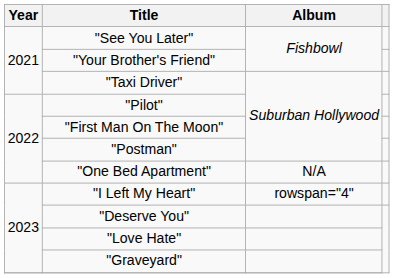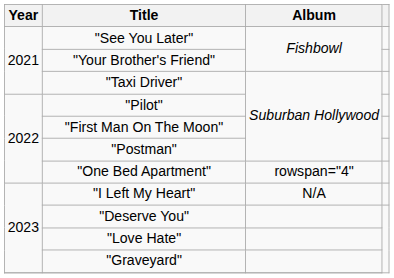 <table class="wikitable plainrowheaders" style="text-align:center;" border="1">
 <tr>
 <th style="width:1em;">Year</th>
 <th style="width:14em;">Title</th>
 <th>Album</th>
 <th></th>
 </tr>
 <tr>
 <td rowspan="3">2021</td>
 <td>"See You Later"</td>
 <td rowspan="2"><em>Fishbowl</em></td>
 <td></td>
 </tr>
 <tr>
 <td>"Your Brother's Friend"</td>
 <td></td>
 </tr>
 <tr>
 <td>"Taxi Driver"</td>
 <td rowspan="4"><em>Suburban Hollywood</em></td>
 <td></td>
 </tr>
 <tr>
 <td rowspan="4">2022</td>
 <td>"Pilot"</td>
 <td></td>
 </tr>
 <tr>
 <td>"First Man On The Moon"</td>
 <td></td>
 </tr>
 <tr>
 <td>"Postman"</td>
 <td></td>
 </tr>
 <tr>
 <td>"One Bed Apartment"</td>
-<td>N/A</td>
+<td>rowspan="4" </td>
 <td></td>
 </tr>
 <tr>
 <td rowspan="4">2023</td>
 <td>"I Left My Heart"</td>
-<td>rowspan="4" </td>
+<td>N/A</td>
 <td></td>
 </tr>
 <tr>
 <td>"Deserve You"</td>
 <td></td>
 </tr>
 <tr>
 <td>"Love Hate"</td>
 <td></td>
 </tr>
 <tr>
 <td>"Graveyard"</td>
 <td></td>
 </tr>
 <tr>
 </tr>
 </table>
